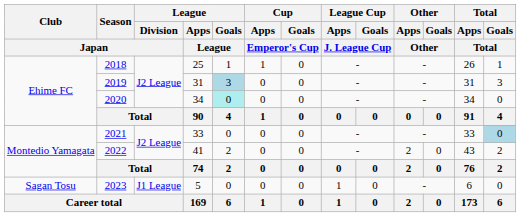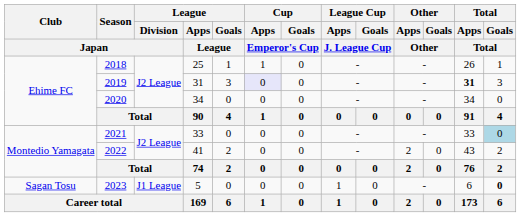 <table class="wikitable" style="text-align:center;">
 <tr>
 <th rowspan=2>Club</th>
 <th rowspan=2>Season</th>
 <th colspan=3>League</th>
 <th colspan=2>Cup</th>
 <th colspan=2>League Cup</th>
 <th colspan=2>Other</th>
 <th colspan=2>Total</th>
 </tr>
 <tr>
 <th>Division</th>
 <th>Apps</th>
 <th>Goals</th>
 <th>Apps</th>
 <th>Goals</th>
 <th>Apps</th>
 <th>Goals</th>
 <th>Apps</th>
 <th>Goals</th>
 <th>Apps</th>
 <th>Goals</th>
 </tr>
 <tr>
 <th colspan=3>Japan</th>
 <th colspan=2>League</th>
 <th colspan=2><a href='#'>Emperor's Cup</a></th>
 <th colspan=2><a href='#'>J. League Cup</a></th>
 <th colspan=2>Other</th>
 <th colspan=2>Total</th>
 </tr>
 <tr>
 <td rowspan="4"><a href='#'>Ehime FC</a></td>
 <td><a href='#'>2018</a></td>
 <td rowspan="3"><a href='#'>J2 League</a></td>
 <td>25</td>
 <td>1</td>
 <td>1</td>
 <td>0</td>
 <td colspan="2">-</td>
 <td colspan="2">-</td>
 <td>26</td>
 <td>1</td>
 </tr>
 <tr>
 <td><a href='#'>2019</a></td>
 <td>31</td>
-<td style="background: lightblue;">3</td>
-<td>0</td>
+<td>3</td>
+<td style="background: lavender;">0</td>
 <td>0</td>
 <td colspan="2">-</td>
 <td colspan="2">-</td>
-<td>31</td>
+<td><strong>31</strong></td>
 <td>3</td>
 </tr>
 <tr>
 <td><a href='#'>2020</a></td>
 <td>34</td>
-<td style="background: paleturquoise;">0</td>
+<td>0</td>
 <td>0</td>
 <td>0</td>
 <td colspan="2">-</td>
 <td colspan="2">-</td>
 <td>34</td>
 <td>0</td>
 </tr>
 <tr>
 <th colspan="2">Total</th>
 <th>90</th>
 <th>4</th>
 <th>1</th>
 <th>0</th>
 <th>0</th>
 <th>0</th>
 <th>0</th>
 <th>0</th>
 <th>91</th>
 <th>4</th>
 </tr>
 <tr>
 <td rowspan="3"><a href='#'>Montedio Yamagata</a></td>
 <td><a href='#'>2021</a></td>
 <td rowspan="2"><a href='#'>J2 League</a></td>
 <td>33</td>
 <td>0</td>
 <td>0</td>
 <td>0</td>
 <td colspan="2">-</td>
 <td colspan="2">-</td>
 <td>33</td>
 <td style="background: lightblue;">0</td>
 </tr>
 <tr>
 <td><a href='#'>2022</a></td>
 <td>41</td>
 <td>2</td>
 <td>0</td>
 <td>0</td>
 <td colspan="2">-</td>
 <td>2</td>
 <td>0</td>
 <td>43</td>
 <td>2</td>
 </tr>
 <tr>
 <th colspan="2">Total</th>
 <th>74</th>
 <th>2</th>
 <th>0</th>
 <th>0</th>
 <th>0</th>
 <th>0</th>
 <th>2</th>
 <th>0</th>
 <th>76</th>
 <th>2</th>
 </tr>
 <tr>
 <td><a href='#'>Sagan Tosu</a></td>
 <td><a href='#'>2023</a></td>
 <td><a href='#'>J1 League</a></td>
 <td>5</td>
 <td>0</td>
 <td>0</td>
 <td>0</td>
 <td>1</td>
 <td>0</td>
 <td colspan="2">-</td>
 <td>6</td>
-<td>0</td>
+<td><strong>0</strong></td>
 </tr>
 <tr>
 <th colspan=3>Career total</th>
 <th>169</th>
 <th>6</th>
 <th>1</th>
 <th>0</th>
 <th>1</th>
 <th>0</th>
 <th>2</th>
 <th>0</th>
 <th>173</th>
 <th>6</th>
 </tr>
 </table>
